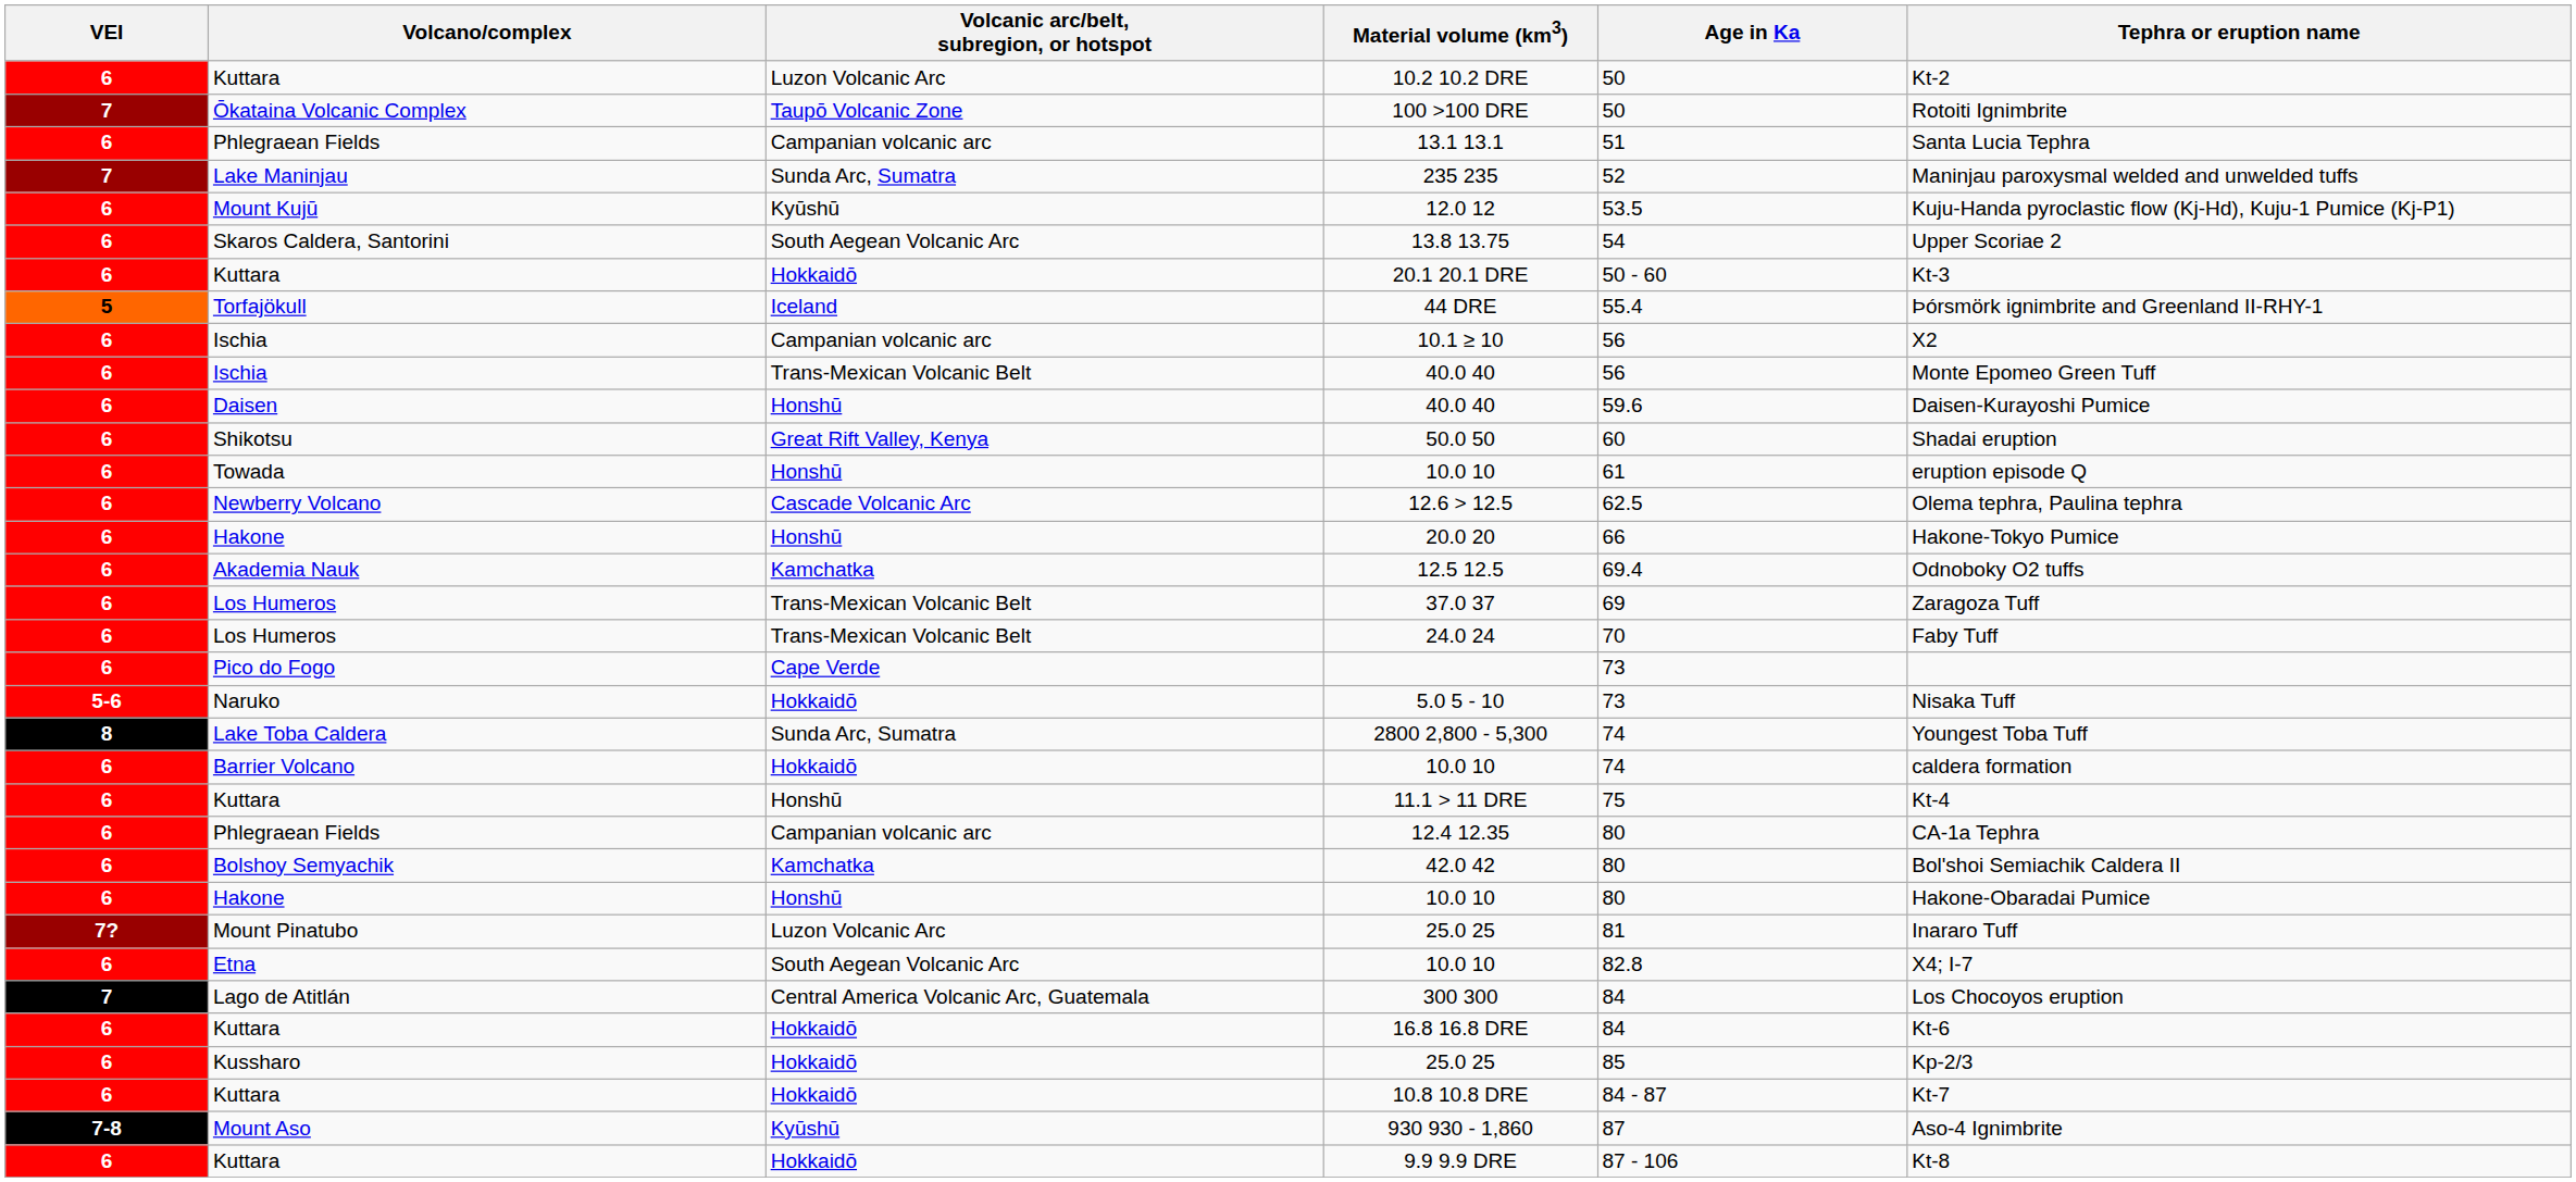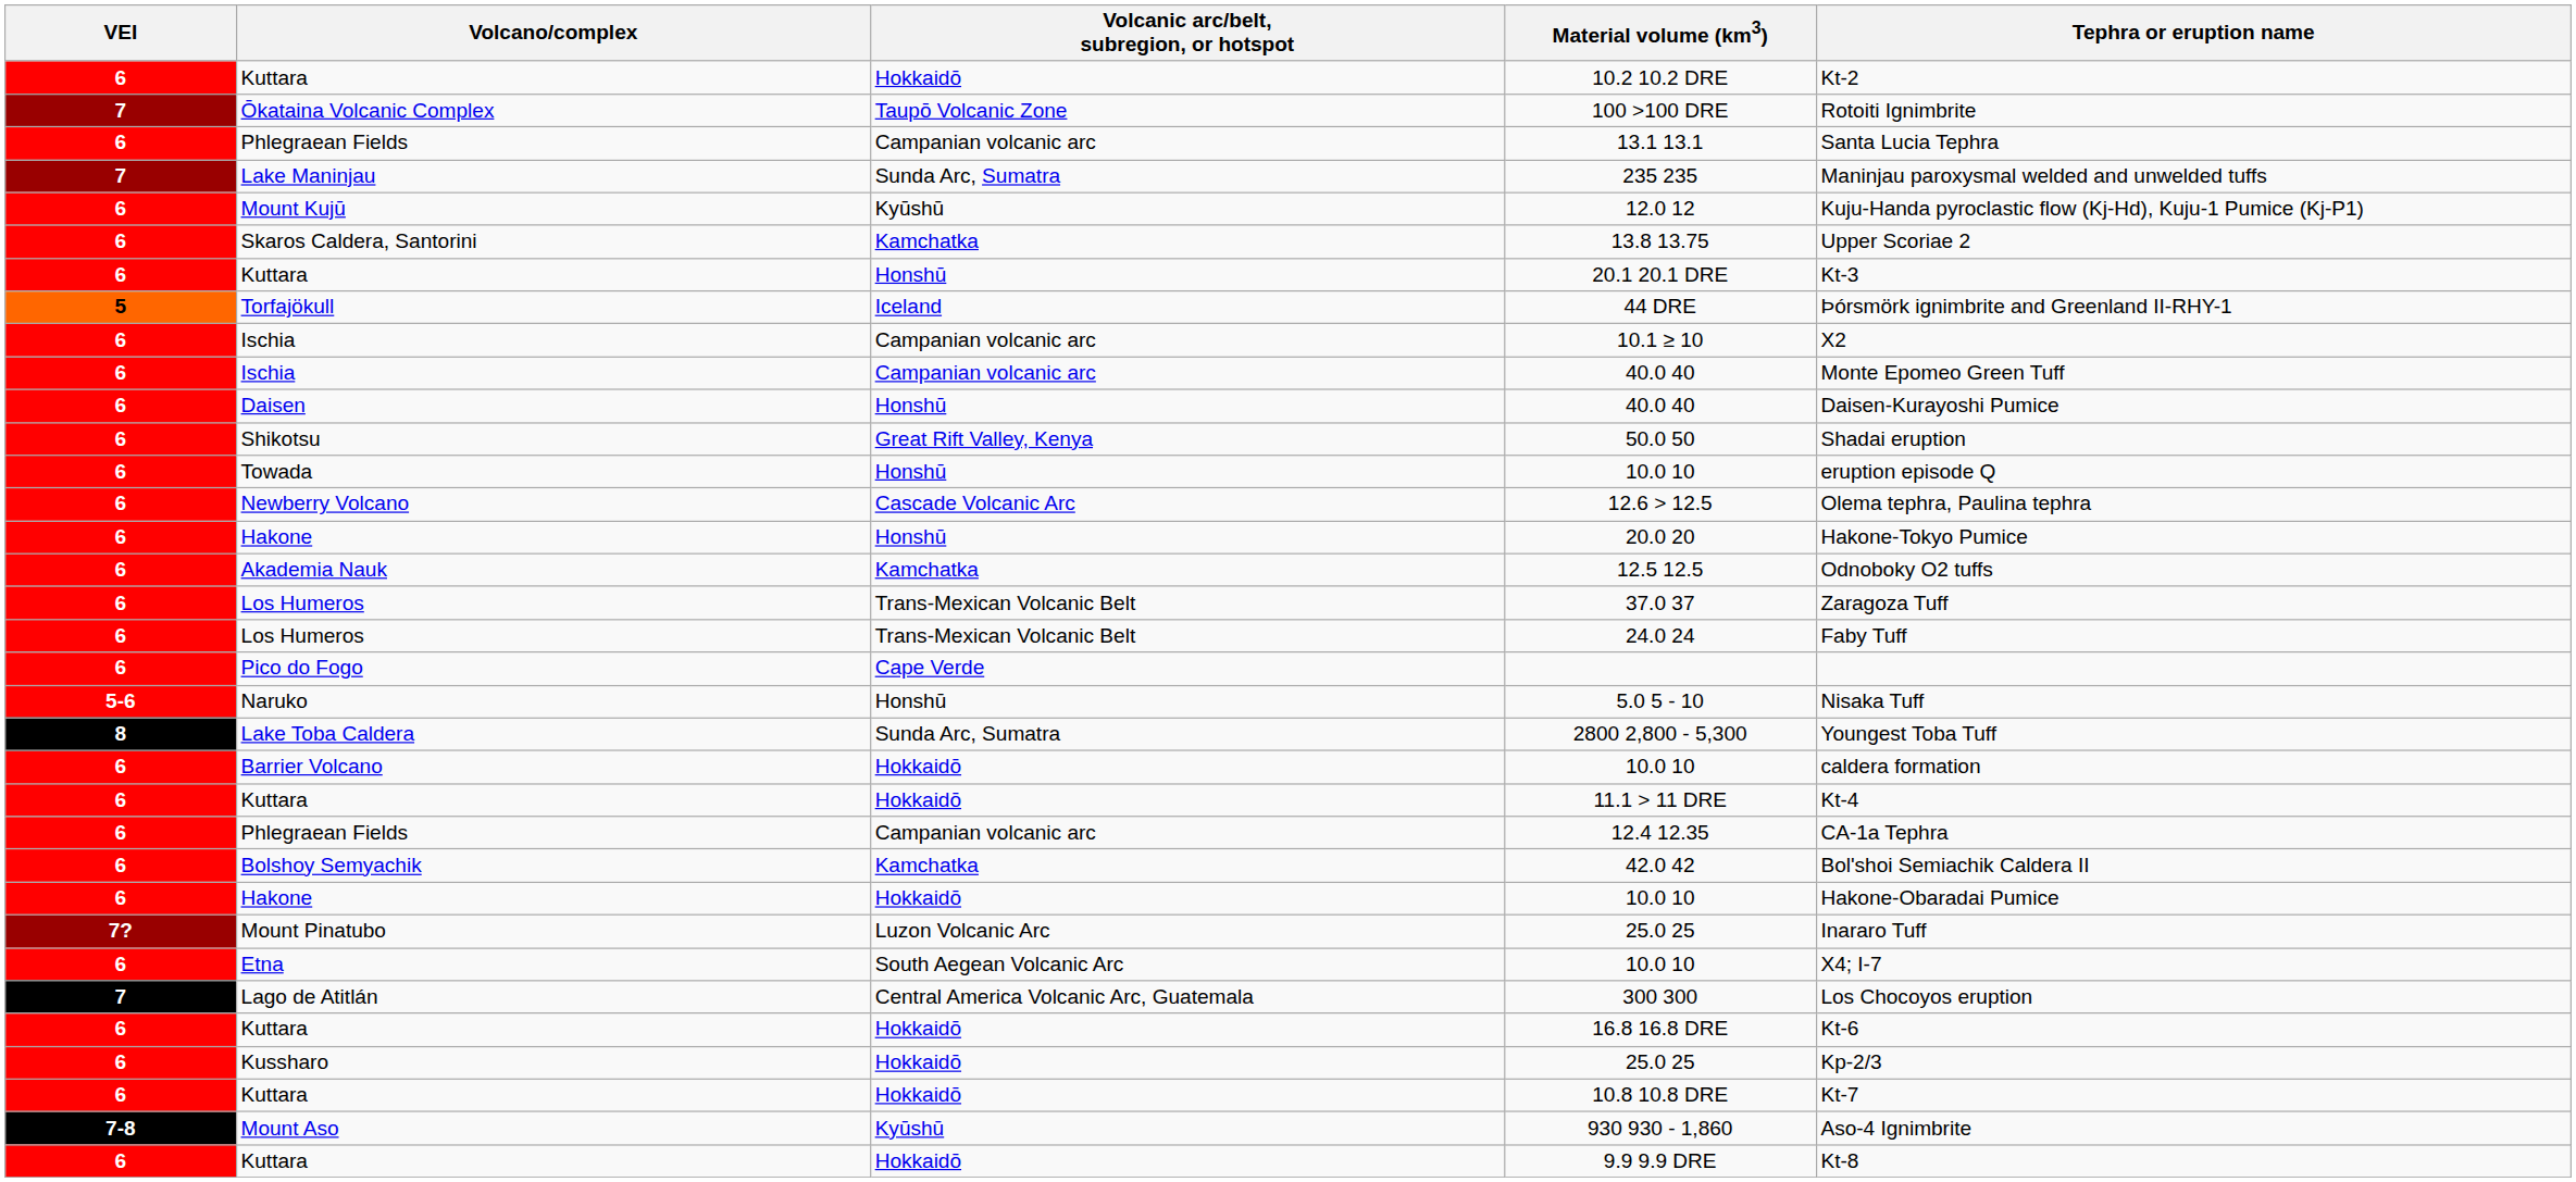 <table class="wikitable sortable" width=100%>
 <tr>
 <th width=50px>VEI</th>
 <th width=150px>Volcano/complex</th>
 <th width=150px>Volcanic arc/belt,<br>subregion, or hotspot</th>
 <th width=70px>Material volume (km<sup>3</sup>)</th>
-<th data-sort-type="number" width=80px>Age in <a href='#'>Ka</a></th>
 <th width=180px>Tephra or eruption name</th>
 </tr>
 <tr>
 <th style="background:#f00; color:white;">6</th>
 <td>Kuttara</td>
-<td>Luzon Volcanic Arc</td>
+<td><a href='#'>Hokkaidō</a></td>
 <td style="text-align: center;"><span>10.2</span> 10.2 DRE</td>
-<td>50</td>
 <td>Kt-2</td>
 </tr>
 <tr>
 <th style="background:#900; color:white;">7</th>
 <td><a href='#'>Ōkataina Volcanic Complex</a></td>
 <td><a href='#'>Taupō Volcanic Zone</a></td>
 <td style="text-align: center;"><span>100</span> >100 DRE</td>
-<td>50</td>
 <td>Rotoiti Ignimbrite</td>
 </tr>
 <tr>
 <th style="background:#f00; color:white;">6</th>
 <td>Phlegraean Fields</td>
 <td>Campanian volcanic arc</td>
 <td style="text-align: center;"><span>13.1</span> 13.1</td>
-<td>51</td>
 <td>Santa Lucia Tephra</td>
 </tr>
 <tr>
 <th style="background:#900; color:white;">7</th>
 <td><a href='#'>Lake Maninjau</a></td>
 <td>Sunda Arc, <a href='#'>Sumatra</a></td>
 <td style="text-align: center;"><span>235</span> 235</td>
-<td>52</td>
 <td>Maninjau paroxysmal welded and unwelded tuffs</td>
 </tr>
 <tr>
 <th style="background:#f00; color:white;">6</th>
 <td><a href='#'>Mount Kujū</a></td>
 <td>Kyūshū</td>
 <td style="text-align: center;"><span>12.0</span> 12</td>
-<td>53.5</td>
 <td>Kuju-Handa pyroclastic flow (Kj-Hd), Kuju-1 Pumice (Kj-P1)</td>
 </tr>
 <tr>
 <th style="background:#f00; color:white;">6</th>
 <td>Skaros Caldera, Santorini</td>
-<td>South Aegean Volcanic Arc</td>
+<td><a href='#'>Kamchatka</a></td>
 <td style="text-align: center;"><span>13.8</span> 13.75</td>
-<td>54</td>
 <td>Upper Scoriae 2</td>
 </tr>
 <tr>
 <th style="background:#f00; color:white;">6</th>
 <td>Kuttara</td>
-<td><a href='#'>Hokkaidō</a></td>
+<td><a href='#'>Honshū</a></td>
 <td style="text-align: center;"><span>20.1</span> 20.1 DRE</td>
-<td>50 - 60</td>
 <td>Kt-3</td>
 </tr>
 <tr>
 <th style="background:#f60;">5</th>
 <td><a href='#'>Torfajökull</a></td>
 <td><a href='#'>Iceland</a></td>
 <td style="text-align: center;"><span>4</span>4 DRE</td>
-<td>55.4</td>
 <td>Þórsmörk ignimbrite and Greenland II-RHY-1</td>
 </tr>
 <tr>
 <th style="background:#f00; color:white;">6</th>
 <td>Ischia</td>
 <td>Campanian volcanic arc</td>
 <td style="text-align: center;"><span>10.1</span> ≥ 10</td>
-<td>56</td>
 <td>X2</td>
 </tr>
 <tr>
 <th style="background:#f00; color:white;">6</th>
 <td><a href='#'>Ischia</a></td>
-<td>Trans-Mexican Volcanic Belt</td>
+<td><a href='#'>Campanian volcanic arc</a></td>
 <td style="text-align: center;"><span>40.0</span> 40</td>
-<td>56</td>
 <td>Monte Epomeo Green Tuff</td>
 </tr>
 <tr>
 <th style="background:#f00; color:white;">6</th>
 <td><a href='#'>Daisen</a></td>
 <td><a href='#'>Honshū</a></td>
 <td style="text-align: center;"><span>40.0</span> 40</td>
-<td>59.6</td>
 <td>Daisen-Kurayoshi Pumice</td>
 </tr>
 <tr>
 <th style="background:#f00; color:white;">6</th>
 <td>Shikotsu</td>
 <td><a href='#'>Great Rift Valley, Kenya</a></td>
 <td style="text-align: center;"><span>50.0</span> 50</td>
-<td>60</td>
 <td>Shadai eruption</td>
 </tr>
 <tr>
 <th style="background:#f00; color:white;">6</th>
 <td>Towada</td>
 <td><a href='#'>Honshū</a></td>
 <td style="text-align: center;"><span>10.0</span> 10</td>
-<td>61</td>
 <td>eruption episode Q</td>
 </tr>
 <tr>
 <th style="background:#f00; color:white;">6</th>
 <td><a href='#'>Newberry Volcano</a></td>
 <td><a href='#'>Cascade Volcanic Arc</a></td>
 <td style="text-align: center;"><span>12.6</span> > 12.5</td>
-<td>62.5</td>
 <td>Olema tephra, Paulina tephra</td>
 </tr>
 <tr>
 <th style="background:#f00; color:white;">6</th>
 <td><a href='#'>Hakone</a></td>
 <td><a href='#'>Honshū</a></td>
 <td style="text-align: center;"><span>20.0</span> 20</td>
-<td>66</td>
 <td>Hakone-Tokyo Pumice</td>
 </tr>
 <tr>
 <th style="background:#f00; color:white;">6</th>
 <td><a href='#'>Akademia Nauk</a></td>
 <td><a href='#'>Kamchatka</a></td>
 <td style="text-align: center;"><span>12.5</span> 12.5</td>
-<td>69.4</td>
 <td>Odnoboky O2 tuffs</td>
 </tr>
 <tr>
 <th style="background:#f00; color:white;">6</th>
 <td><a href='#'>Los Humeros</a></td>
 <td>Trans-Mexican Volcanic Belt</td>
 <td style="text-align: center;"><span>37.0</span> 37</td>
-<td>69</td>
 <td>Zaragoza Tuff</td>
 </tr>
 <tr>
 <th style="background:#f00; color:white;">6</th>
 <td>Los Humeros</td>
 <td>Trans-Mexican Volcanic Belt</td>
 <td style="text-align: center;"><span>24.0</span> 24</td>
-<td>70</td>
 <td>Faby Tuff</td>
 </tr>
 <tr>
 <th style="background:#f00; color:white;">6</th>
 <td><a href='#'>Pico do Fogo</a></td>
 <td><a href='#'>Cape Verde</a></td>
 <td></td>
-<td>73</td>
 <td></td>
 </tr>
 <tr>
 <th style="background:#f00; color:white;">5-6</th>
 <td>Naruko</td>
-<td><a href='#'>Hokkaidō</a></td>
+<td>Honshū</td>
 <td style="text-align: center;"><span>5.0</span> 5 - 10</td>
-<td>73</td>
 <td>Nisaka Tuff</td>
 </tr>
 <tr>
 <th style="background:black; color:white;">8</th>
 <td><a href='#'>Lake Toba Caldera</a></td>
 <td>Sunda Arc, Sumatra</td>
 <td style="text-align: center;"><span>2800</span> 2,800 - 5,300</td>
-<td>74</td>
 <td>Youngest Toba Tuff</td>
 </tr>
 <tr>
 <th style="background:#f00; color:white;">6</th>
 <td><a href='#'>Barrier Volcano</a></td>
 <td><a href='#'>Hokkaidō</a></td>
 <td style="text-align: center;"><span>10.0</span> 10</td>
-<td>74</td>
 <td>caldera formation</td>
 </tr>
 <tr>
 <th style="background:#f00; color:white;">6</th>
 <td>Kuttara</td>
-<td>Honshū</td>
+<td><a href='#'>Hokkaidō</a></td>
 <td style="text-align: center;"><span>11.1</span> > 11 DRE</td>
-<td>75</td>
 <td>Kt-4</td>
 </tr>
 <tr>
 <th style="background:#f00; color:white;">6</th>
 <td>Phlegraean Fields</td>
 <td>Campanian volcanic arc</td>
 <td style="text-align: center;"><span>12.4</span> 12.35</td>
-<td>80</td>
 <td>CA-1a Tephra</td>
 </tr>
 <tr>
 <th style="background:#f00; color:white;">6</th>
 <td><a href='#'>Bolshoy Semyachik</a></td>
 <td><a href='#'>Kamchatka</a></td>
 <td style="text-align: center;"><span>42.0</span> 42</td>
-<td>80</td>
 <td>Bol'shoi Semiachik Caldera II</td>
 </tr>
 <tr>
 <th style="background:#f00; color:white;">6</th>
 <td><a href='#'>Hakone</a></td>
-<td><a href='#'>Honshū</a></td>
+<td><a href='#'>Hokkaidō</a></td>
 <td style="text-align: center;"><span>10.0</span> 10</td>
-<td>80</td>
 <td>Hakone-Obaradai Pumice</td>
 </tr>
 <tr>
 <th style="background:#900; color:white; color:white">7?</th>
 <td>Mount Pinatubo</td>
 <td>Luzon Volcanic Arc</td>
 <td style="text-align: center;"><span>25.0</span> 25</td>
-<td>81</td>
 <td>Inararo Tuff</td>
 </tr>
 <tr>
 <th style="background:#f00; color:white;">6</th>
 <td><a href='#'>Etna</a></td>
 <td>South Aegean Volcanic Arc</td>
 <td style="text-align: center;"><span>10.0</span> 10</td>
-<td>82.8</td>
 <td>X4; I-7</td>
 </tr>
 <tr>
 <th style="background:#000; color:white;">7</th>
 <td>Lago de Atitlán</td>
 <td>Central America Volcanic Arc, Guatemala</td>
 <td style="text-align: center;"><span>300</span> 300</td>
-<td>84</td>
 <td>Los Chocoyos eruption</td>
 </tr>
 <tr>
 <th style="background:#f00; color:white;">6</th>
 <td>Kuttara</td>
 <td><a href='#'>Hokkaidō</a></td>
 <td style="text-align: center;"><span>16.8</span> 16.8 DRE</td>
-<td>84</td>
 <td>Kt-6</td>
 </tr>
 <tr>
 <th style="background:#f00; color:white;">6</th>
 <td>Kussharo</td>
 <td><a href='#'>Hokkaidō</a></td>
 <td style="text-align: center;"><span>25.0</span> 25</td>
-<td>85</td>
 <td>Kp-2/3</td>
 </tr>
 <tr>
 <th style="background:#f00; color:white;">6</th>
 <td>Kuttara</td>
 <td><a href='#'>Hokkaidō</a></td>
 <td style="text-align: center;"><span>10.8</span> 10.8 DRE</td>
-<td>84 - 87</td>
 <td>Kt-7</td>
 </tr>
 <tr>
 <th style="background:#000; color:white;">7-8</th>
 <td><a href='#'>Mount Aso</a></td>
 <td><a href='#'>Kyūshū</a></td>
 <td style="text-align: center;"><span>930</span> 930 - 1,860</td>
-<td>87</td>
 <td>Aso-4 Ignimbrite</td>
 </tr>
 <tr>
 <th style="background:#f00; color:white;">6</th>
 <td>Kuttara</td>
 <td><a href='#'>Hokkaidō</a></td>
 <td style="text-align: center;"><span>9.9</span> 9.9 DRE</td>
-<td>87 - 106</td>
 <td>Kt-8</td>
 </tr>
 </table>
